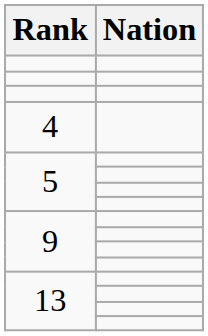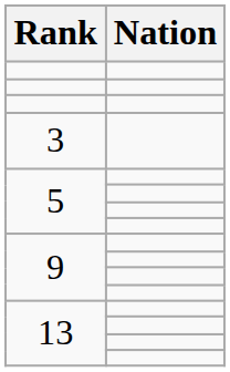 <table class="wikitable sortable">
 <tr>
 <th>Rank</th>
 <th>Nation</th>
 </tr>
 <tr>
 <td align=center></td>
 <td></td>
 </tr>
 <tr>
 <td align=center></td>
 <td></td>
 </tr>
 <tr>
 <td align=center></td>
 <td></td>
 </tr>
 <tr>
-<td align=center>4</td>
+<td align=center>3</td>
 <td></td>
 </tr>
 <tr>
 <td align=center rowspan=4>5</td>
 <td></td>
 </tr>
 <tr>
 <td></td>
 </tr>
 <tr>
 <td></td>
 </tr>
 <tr>
 <td></td>
 </tr>
 <tr>
 <td align=center rowspan=4>9</td>
 <td></td>
 </tr>
 <tr>
 <td></td>
 </tr>
 <tr>
 <td></td>
 </tr>
 <tr>
 <td></td>
 </tr>
 <tr>
 <td align=center rowspan=4>13</td>
 <td></td>
 </tr>
 <tr>
 <td></td>
 </tr>
 <tr>
 <td></td>
 </tr>
 <tr>
 <td></td>
 </tr>
 </table>
